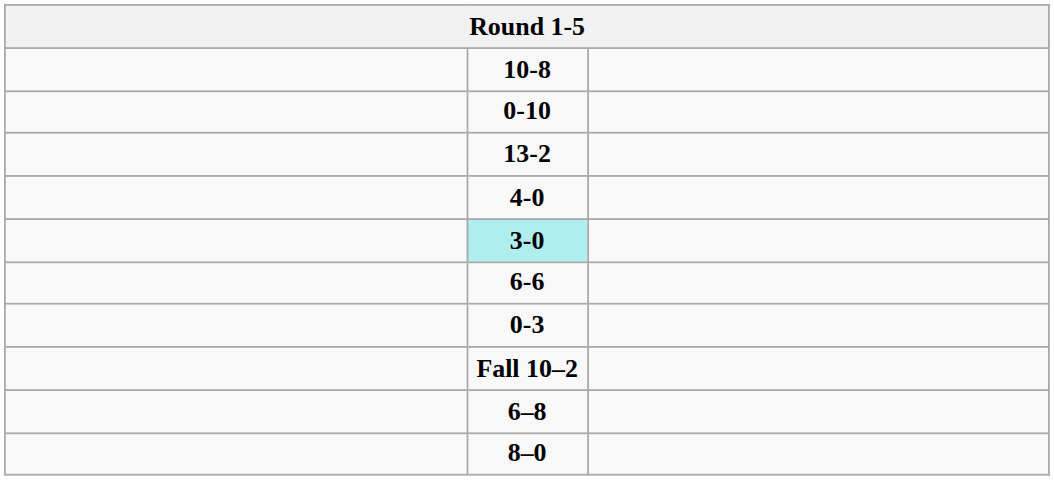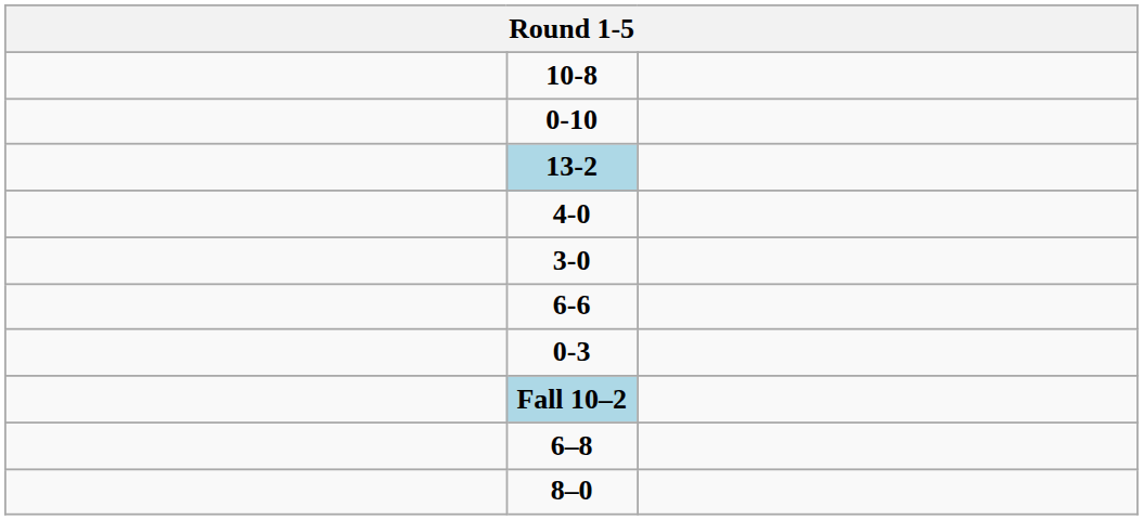 <table class="wikitable" style="text-align: center; font-size:90% ">
 <tr>
 <th colspan="5">Round 1-5</th>
 </tr>
 <tr>
 <td align="left" width="250"><strong></strong></td>
 <td align="center" width="60"><strong>10-8</strong></td>
 <td align="left" width="250"></td>
 </tr>
 <tr>
 <td align="left" width="250"></td>
 <td align="center" width="60"><strong>0-10</strong></td>
 <td align="left" width="250"><strong></strong></td>
 </tr>
 <tr>
 <td align="left" width="250"><strong></strong></td>
-<td align="center" width="60"><strong>13-2</strong></td>
+<td align="center" width="60" style="background: lightblue;"><strong>13-2</strong></td>
 <td align="left" width="250"></td>
 </tr>
 <tr>
 <td align="left" width="250"><strong></strong></td>
 <td align="center" width="60"><strong>4-0</strong></td>
 <td align="left" width="250"></td>
 </tr>
 <tr>
 <td align="left" width="250"><strong></strong></td>
-<td align="center" width="60" style="background: paleturquoise;"><strong>3-0</strong></td>
+<td align="center" width="60"><strong>3-0</strong></td>
 <td align="left" width="250"></td>
 </tr>
 <tr>
 <td align="left" width="250"><strong></strong></td>
 <td align="center" width="60"><strong>6-6</strong></td>
 <td align="left" width="250"></td>
 </tr>
 <tr>
 <td align="left" width="250"></td>
 <td align="center" width="60"><strong>0-3</strong></td>
 <td align="left" width="250"><strong></strong></td>
 </tr>
 <tr>
 <td align="left" width="250"></td>
-<td align="center" width="60"><strong>Fall 10–2</strong></td>
+<td align="center" width="60" style="background: lightblue;"><strong>Fall 10–2</strong></td>
 <td align="left" width="250"></td>
 </tr>
 <tr>
 <td align="left" width="250"></td>
 <td align="center" width="60"><strong> 6–8</strong></td>
 <td align="left" width="250"></td>
 </tr>
 <tr>
 <td align="left" width="250"></td>
 <td align="center" width="60"><strong>8–0</strong></td>
 <td align="left" width="250"></td>
 </tr>
 </table>
